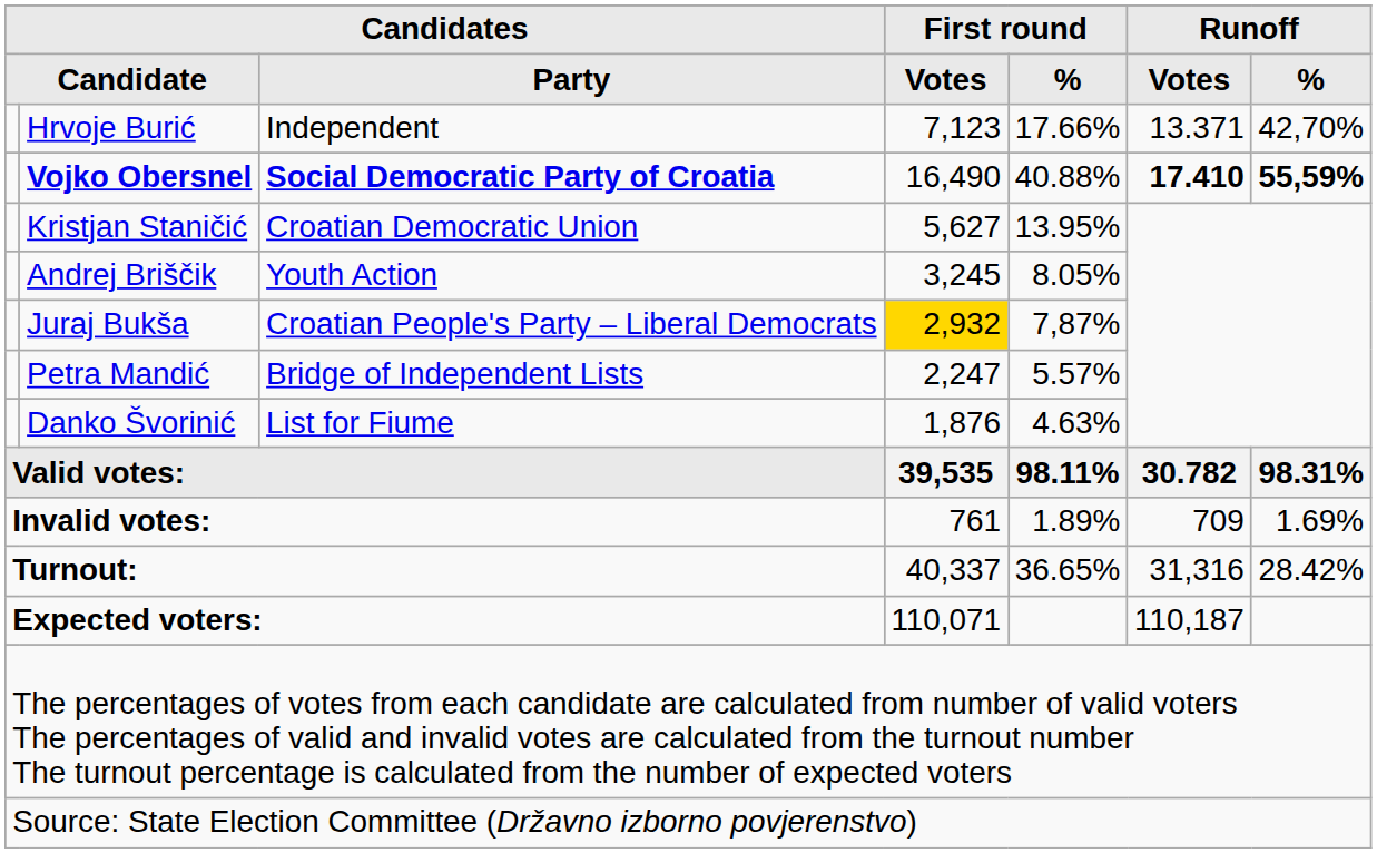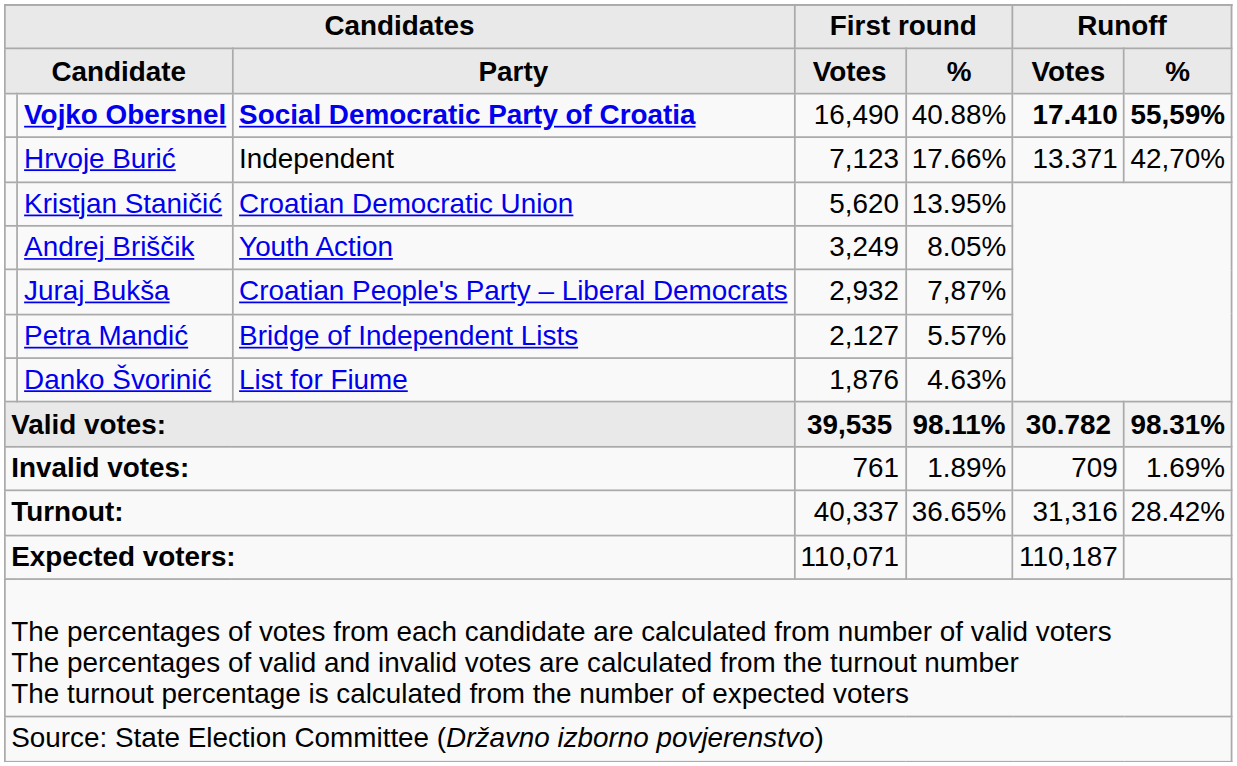 <table class="wikitable" border="1">
 <tr>
 </tr>
 <tr style="background-color:#C9C9C9">
 <th style="background-color:#E9E9E9" align= center colspan="3">Candidates</th>
 <th style="background-color:#E9E9E9" align= center colspan="2">First round</th>
 <th style="background-color:#E9E9E9" align= center colspan="2">Runoff</th>
 </tr>
 <tr>
 <th style="background-color:#E9E9E9" align= center colspan="2">Candidate</th>
 <th style="background-color:#E9E9E9" align= center>Party</th>
 <th style="background-color:#E9E9E9" align= center>Votes</th>
 <th style="background-color:#E9E9E9" align= center>%</th>
 <th style="background-color:#E9E9E9" align= center>Votes</th>
 <th style="background-color:#E9E9E9" align= center>%</th>
 </tr>
 <tr>
 <td bgcolor=></td>
+<td align = left><strong><a href='#'>Vojko Obersnel</a></strong></td>
+<td align = left><strong><a href='#'>Social Democratic Party of Croatia</a></strong></td>
+<td align = right>16,490</td>
+<td align = right>40.88%</td>
+<td align = right><strong>17.410</strong></td>
+<td align = right><strong>55,59%</strong></td>
+</tr>
+<tr>
+<td bgcolor=></td>
 <td align = left><a href='#'>Hrvoje Burić</a></td>
 <td align = left>Independent</td>
 <td align = right>7,123</td>
 <td align = right>17.66%</td>
 <td align = right>13.371</td>
 <td align = right>42,70%</td>
 </tr>
 <tr>
 <td bgcolor=></td>
-<td align = left><strong><a href='#'>Vojko Obersnel</a></strong></td>
-<td align = left><strong><a href='#'>Social Democratic Party of Croatia</a></strong></td>
-<td align = right>16,490</td>
-<td align = right>40.88%</td>
-<td align = right><strong>17.410</strong></td>
-<td align = right><strong>55,59%</strong></td>
-</tr>
-<tr>
-<td bgcolor=></td>
 <td align = left><a href='#'>Kristjan Staničić</a></td>
 <td align = left><a href='#'>Croatian Democratic Union</a></td>
-<td align = right>5,627</td>
+<td align = right>5,620</td>
 <td align = right>13.95%</td>
 </tr>
 <tr>
 <td bgcolor=></td>
 <td align = left><a href='#'>Andrej Briščik</a></td>
 <td align = left><a href='#'>Youth Action</a></td>
-<td align = right>3,245</td>
+<td align = right>3,249</td>
 <td align = right>8.05%</td>
 </tr>
 <tr>
 <td bgcolor=></td>
 <td align = left><a href='#'>Juraj Bukša</a></td>
 <td align = left><a href='#'>Croatian People's Party – Liberal Democrats</a></td>
-<td align = right style="background: gold;">2,932</td>
+<td align = right>2,932</td>
 <td align = right>7,87%</td>
 </tr>
 <tr>
 <td bgcolor=></td>
 <td align = left><a href='#'>Petra Mandić</a></td>
 <td align = left><a href='#'>Bridge of Independent Lists</a></td>
-<td align = right>2,247</td>
+<td align = right>2,127</td>
 <td align = right>5.57%</td>
 </tr>
 <tr>
 <td bgcolor=></td>
 <td align = left><a href='#'>Danko Švorinić</a></td>
 <td align = left><a href='#'>List for Fiume</a></td>
 <td align = right>1,876</td>
 <td align = right>4.63%</td>
 </tr>
 <tr style="background-color:#E9E9E9">
 <td align=left colspan=3><strong>Valid votes:</strong></td>
 <th align= right>39,535</th>
 <th align= right>98.11%</th>
 <th align= right>30.782</th>
 <th align= right>98.31%</th>
 </tr>
 <tr>
 <td align=left colspan=3><strong>Invalid votes:</strong></td>
 <td align=right>761</td>
 <td align=right>1.89%</td>
 <td align=right>709</td>
 <td align=right>1.69%</td>
 </tr>
 <tr>
 <td align=left colspan=3><strong>Turnout:</strong></td>
 <td align=right>40,337</td>
 <td align=right>36.65%</td>
 <td align=right>31,316</td>
 <td align=right>28.42%</td>
 </tr>
 <tr>
 <td align=left colspan=3><strong>Expected voters:</strong></td>
 <td align=right>110,071</td>
 <td align=right></td>
 <td align=right>110,187</td>
 <td align=right></td>
 </tr>
 <tr>
 <td align=left colspan=7><br>The percentages of votes from each candidate are calculated from number of valid voters<br> The percentages of valid and invalid votes are calculated from the turnout number<br> The turnout percentage is calculated from the number of expected voters</td>
 </tr>
 <tr>
 <td align=left colspan=7>Source: State Election Committee (<em>Državno izborno povjerenstvo</em>) </td>
 </tr>
 </table>
